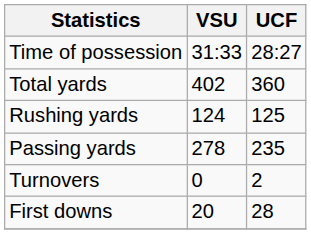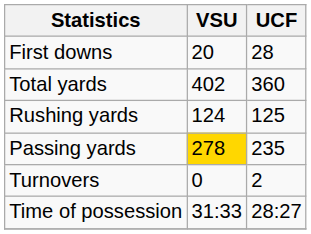 <table class="wikitable">
 <tr>
 <th>Statistics</th>
 <th>VSU</th>
 <th>UCF</th>
 </tr>
 <tr>
-<td>Time of possession</td>
-<td>31:33</td>
-<td>28:27</td>
+<td>First downs</td>
+<td>20</td>
+<td>28</td>
 </tr>
 <tr>
 <td>Total yards</td>
 <td>402</td>
 <td>360</td>
 </tr>
 <tr>
 <td>Rushing yards</td>
 <td>124</td>
 <td>125</td>
 </tr>
 <tr>
 <td>Passing yards</td>
-<td>278</td>
+<td style="background: gold;">278</td>
 <td>235</td>
 </tr>
 <tr>
 <td>Turnovers</td>
 <td>0</td>
 <td>2</td>
 </tr>
 <tr>
-<td>First downs</td>
-<td>20</td>
-<td>28</td>
+<td>Time of possession</td>
+<td>31:33</td>
+<td>28:27</td>
 </tr>
 <tr>
 </tr>
 </table>
